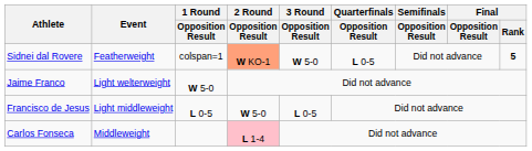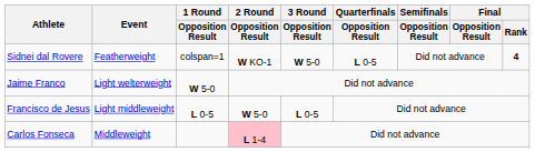 <table class="wikitable" style="font-size:90%">
 <tr>
 <th rowspan="2">Athlete</th>
 <th rowspan="2">Event</th>
 <th>1 Round</th>
 <th>2 Round</th>
 <th>3 Round</th>
 <th>Quarterfinals</th>
 <th>Semifinals</th>
 <th colspan="2">Final</th>
 </tr>
 <tr style="font-size:95%">
 <th>Opposition<br>Result</th>
 <th>Opposition<br>Result</th>
 <th>Opposition<br>Result</th>
 <th>Opposition<br>Result</th>
 <th>Opposition<br>Result</th>
 <th>Opposition<br>Result</th>
 <th>Rank</th>
 </tr>
 <tr align=center>
 <td align=left><a href='#'>Sidnei dal Rovere</a></td>
 <td align=left><a href='#'>Featherweight</a></td>
 <td>colspan=1 </td>
-<td style="background: lightsalmon;"><br><strong>W</strong> KO-1</td>
+<td><br><strong>W</strong> KO-1</td>
 <td><br><strong>W</strong> 5-0</td>
 <td><br><strong>L</strong> 0-5</td>
 <td colspan=2>Did not advance</td>
-<td><strong>5</strong></td>
+<td><strong>4</strong></td>
 </tr>
 <tr align=center>
 <td align=left><a href='#'>Jaime Franco</a></td>
 <td align=left><a href='#'>Light welterweight</a></td>
 <td><br><strong>W</strong> 5-0</td>
 <td colspan=6>Did not advance</td>
 </tr>
 <tr align=center>
 <td align=left><a href='#'>Francisco de Jesus</a></td>
 <td align=left><a href='#'>Light middleweight</a></td>
 <td><br><strong>L</strong> 0-5</td>
 <td><br><strong>W</strong> 5-0</td>
 <td><br><strong>L</strong> 0-5</td>
 <td colspan=5>Did not advance</td>
 </tr>
 <tr align=center>
 <td align=left><a href='#'>Carlos Fonseca</a></td>
 <td align=left><a href='#'>Middleweight</a></td>
 <td></td>
 <td style="background: pink;"><br><strong>L</strong> 1-4</td>
 <td colspan=5>Did not advance</td>
 </tr>
 </table>
